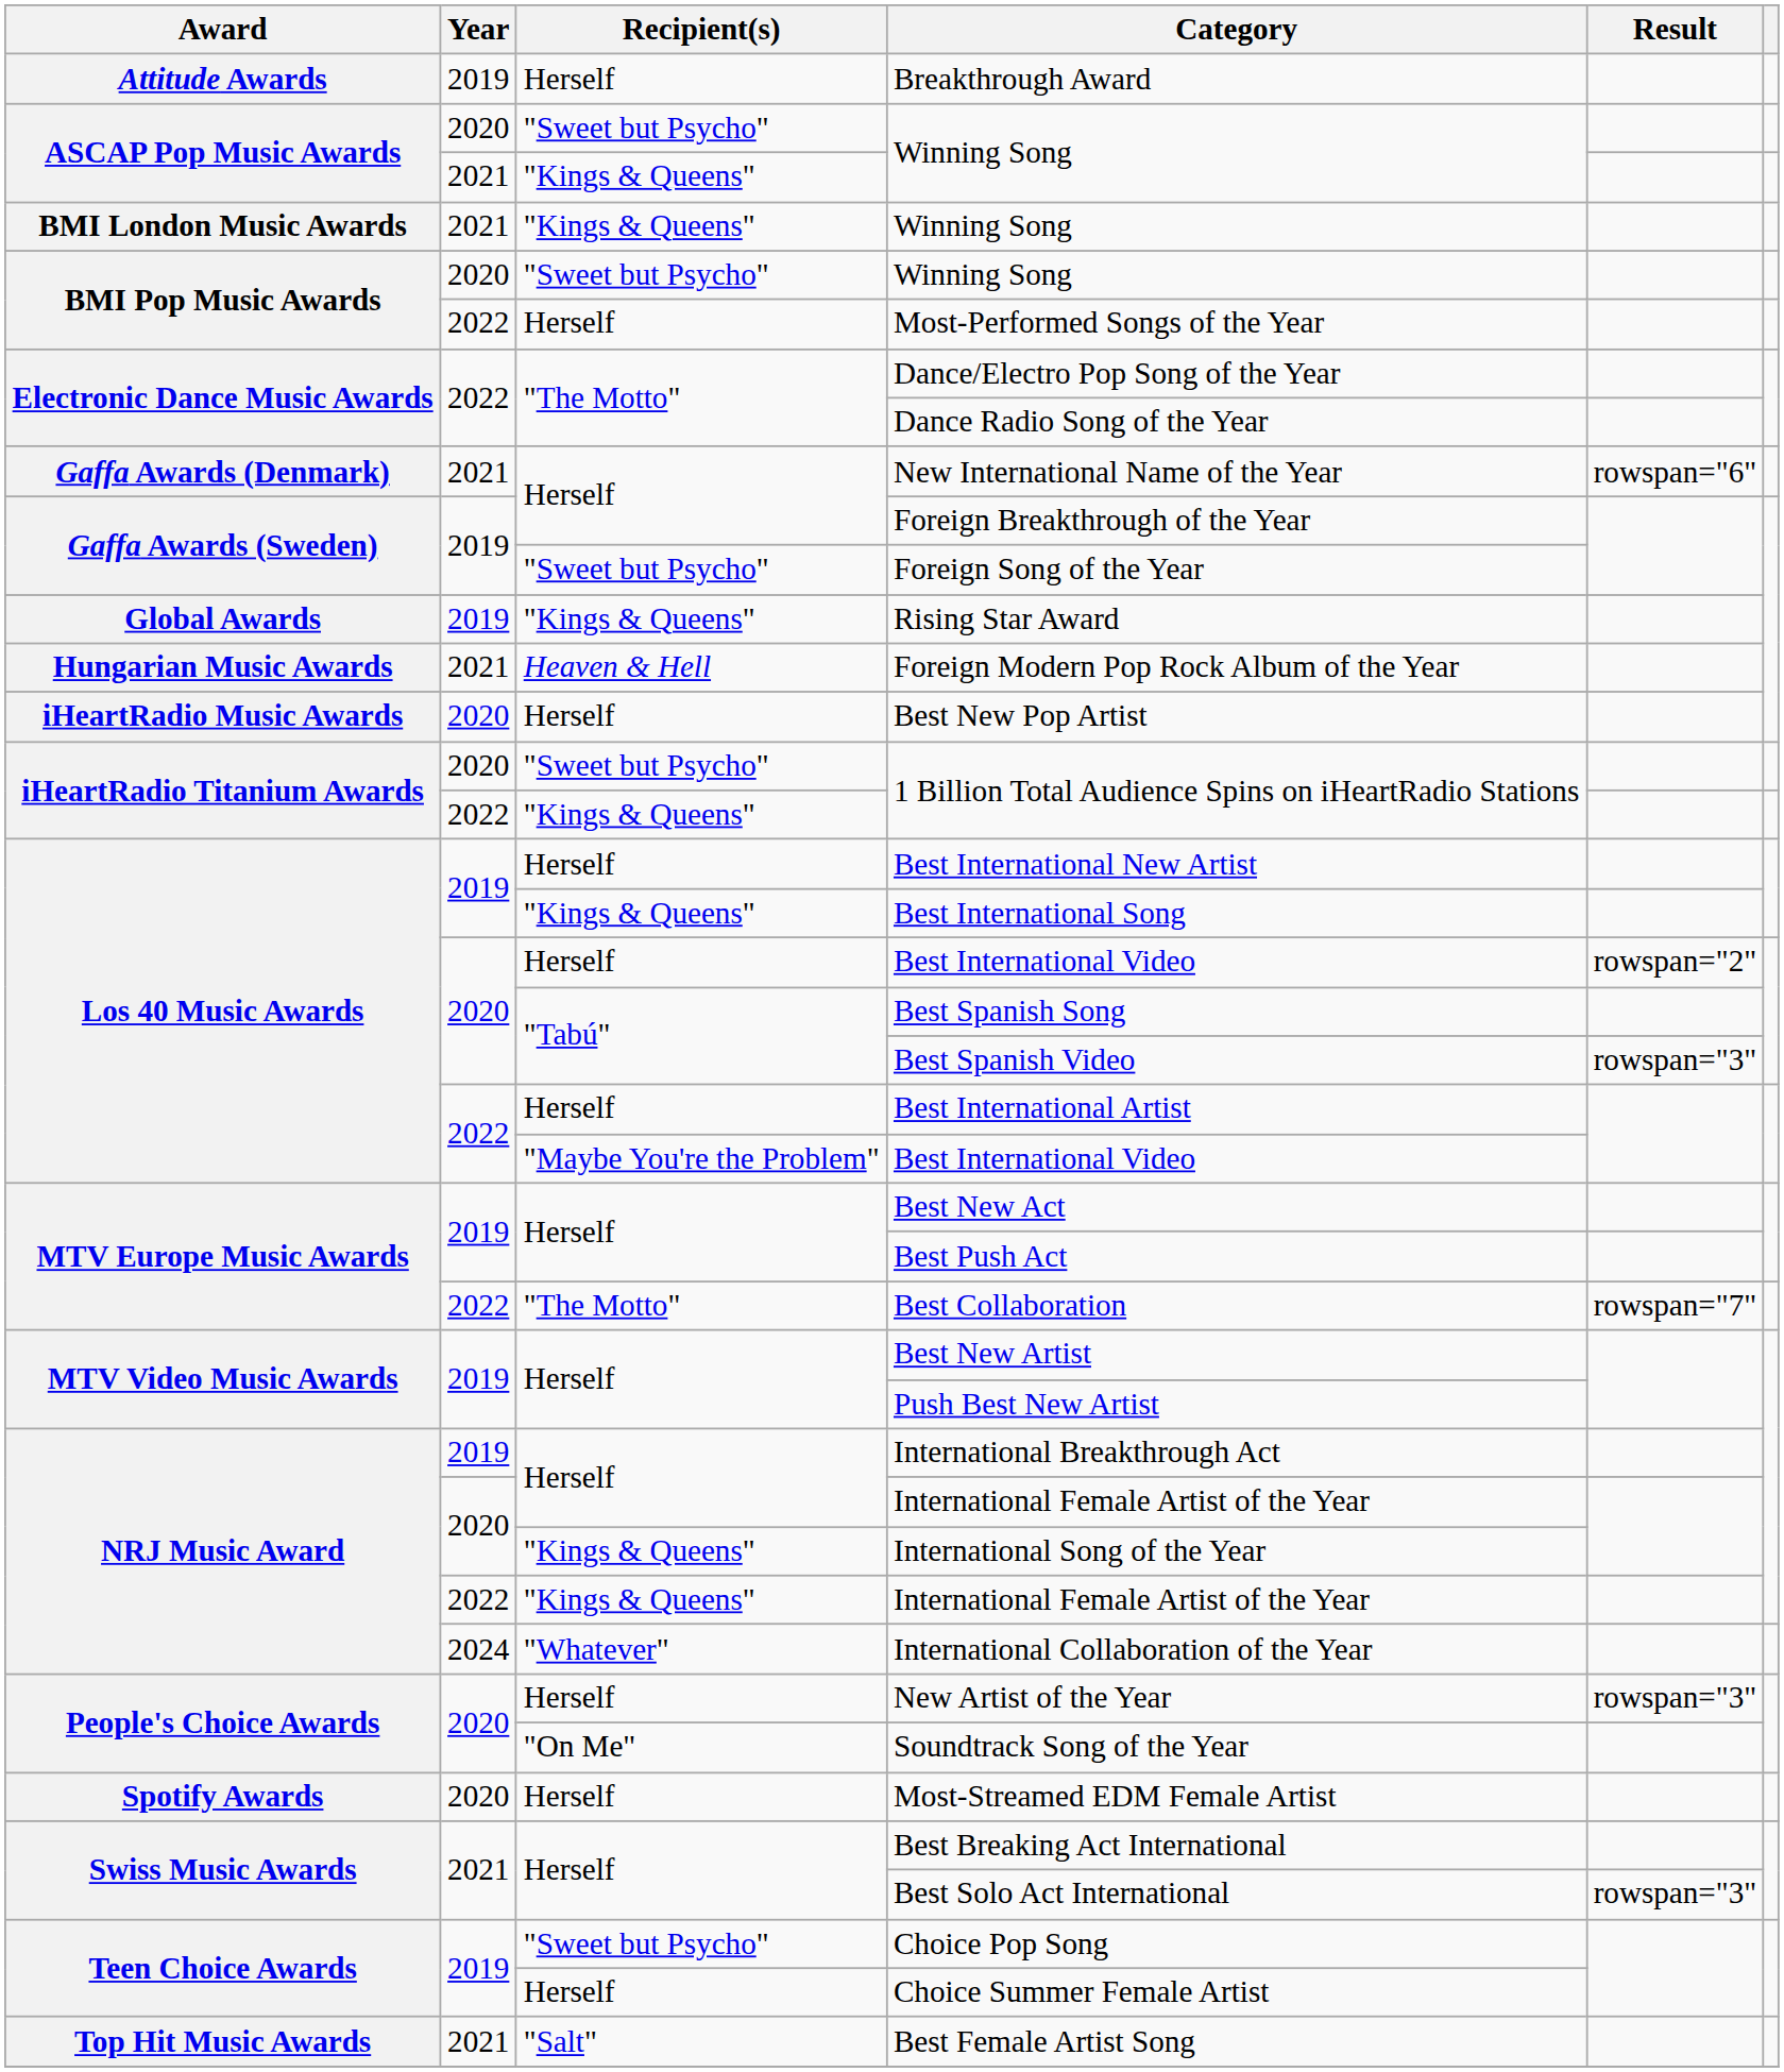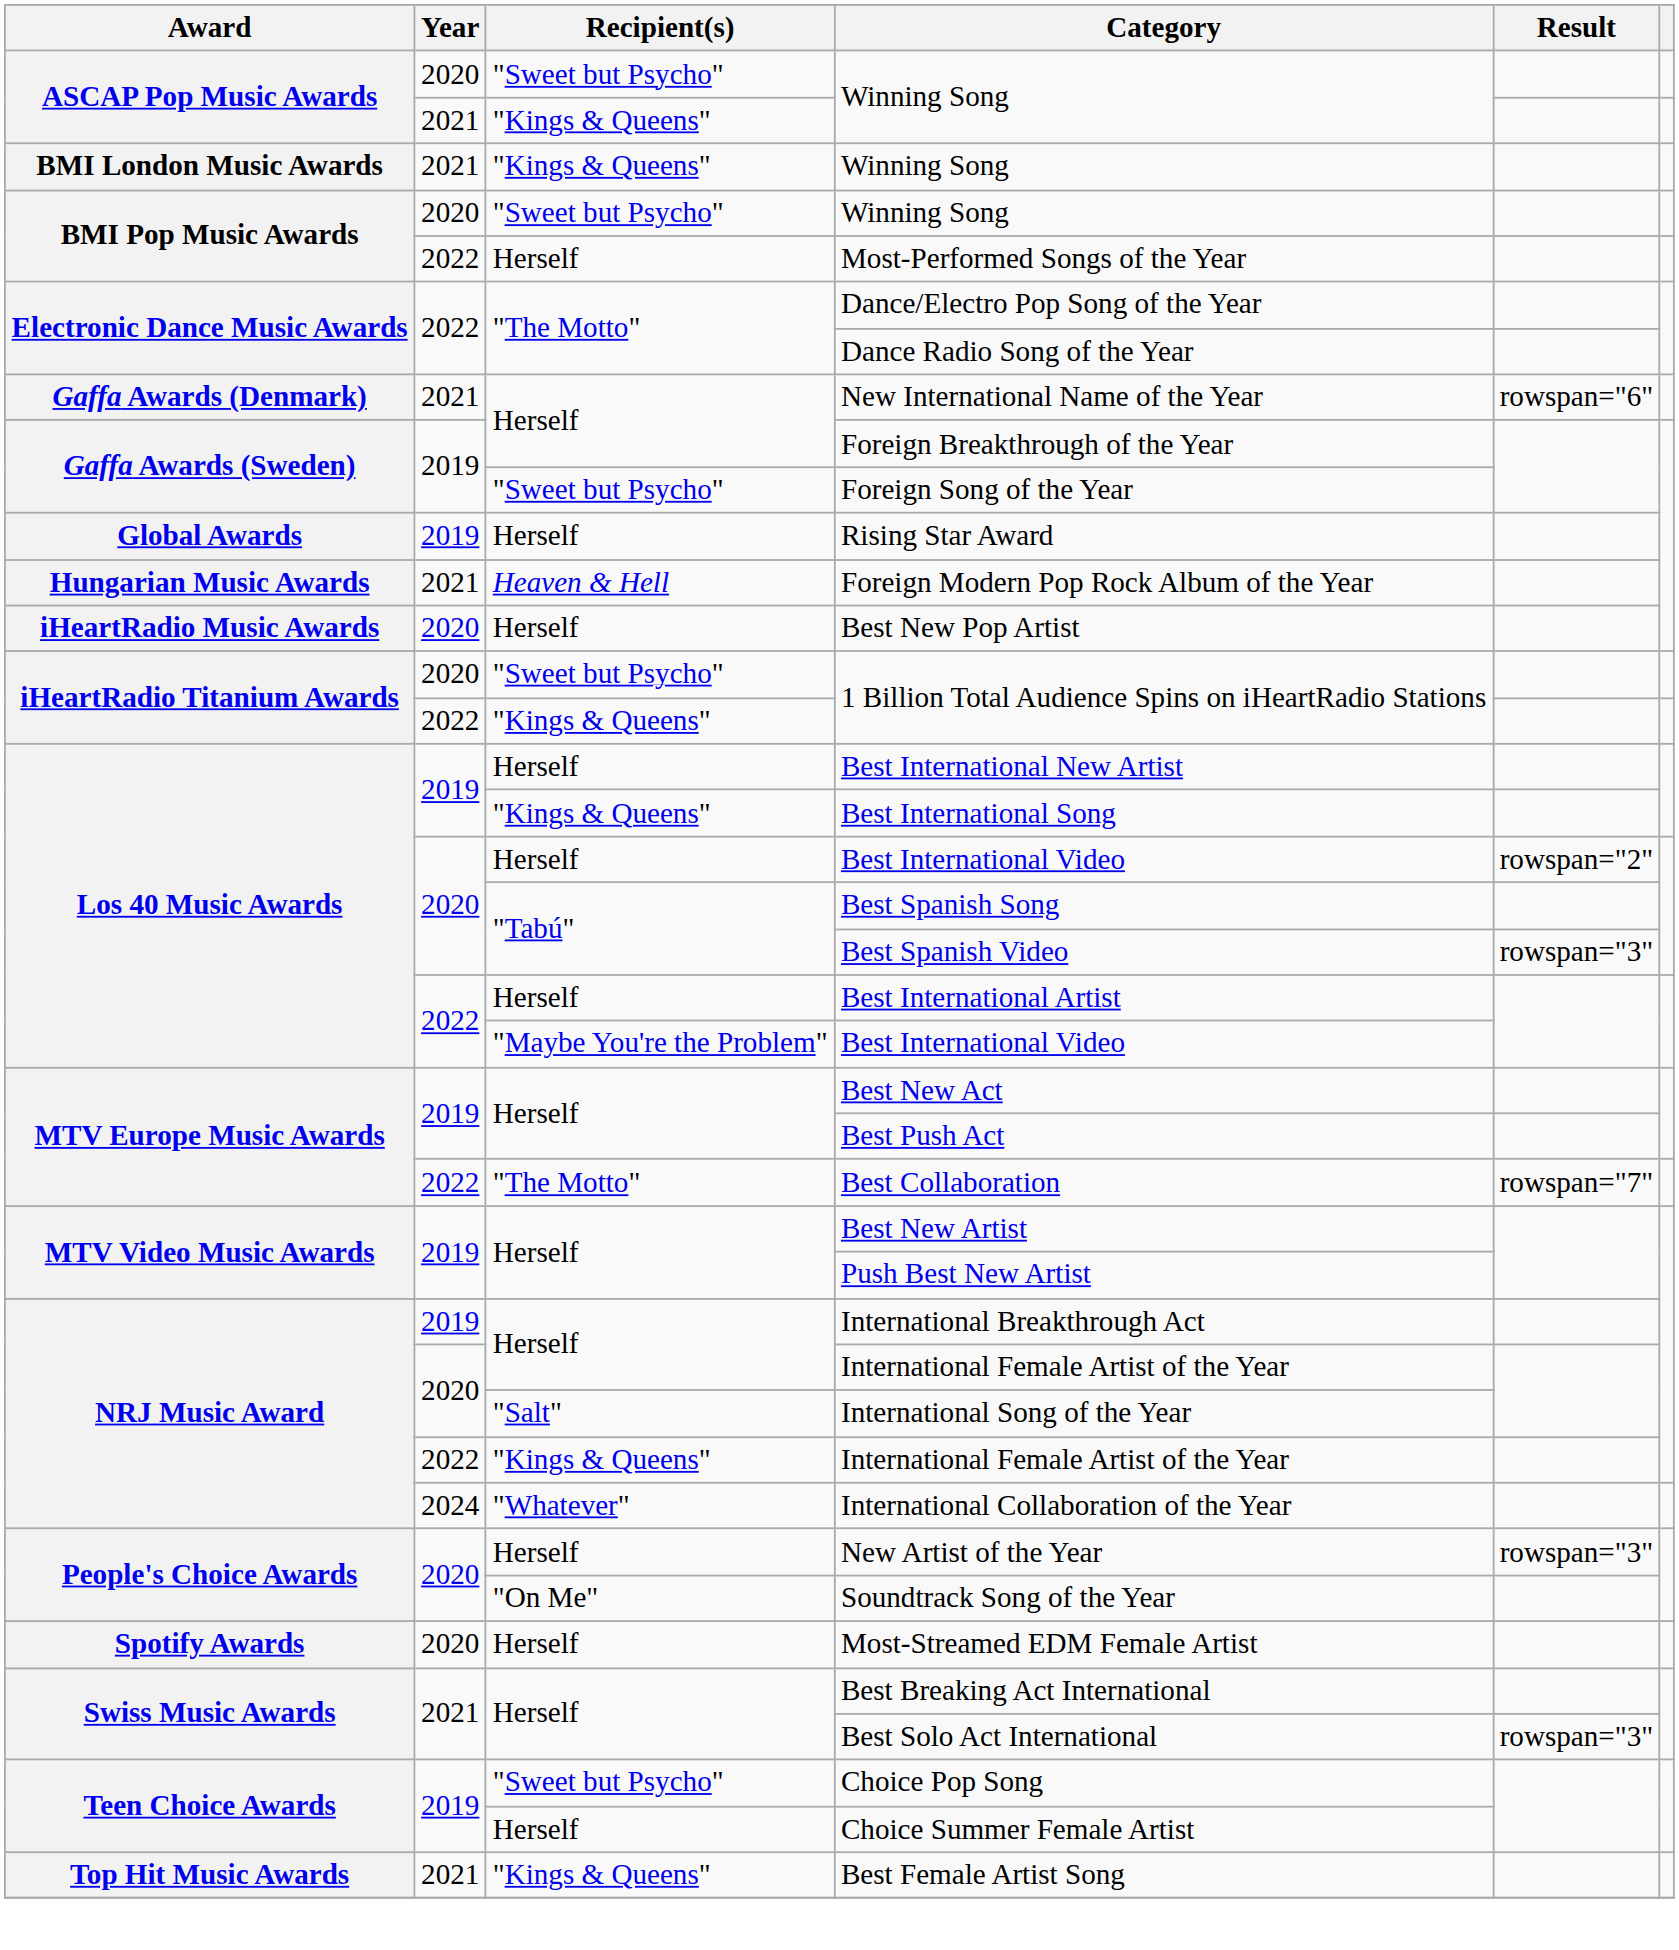 <table class="wikitable sortable plainrowheaders">
 <tr>
 <th scope="col">Award</th>
 <th scope="col">Year</th>
 <th scope="col">Recipient(s)</th>
 <th scope="col">Category</th>
 <th scope="col">Result</th>
 <th scope="col" class="unsortable"></th>
-</tr>
-<tr>
-<th scope="row"><a href='#'><em>Attitude</em> Awards</a></th>
-<td>2019</td>
-<td>Herself</td>
-<td>Breakthrough Award</td>
-<td></td>
-<td></td>
 </tr>
 <tr>
 <th scope="row" rowspan="2"><a href='#'>ASCAP Pop Music Awards</a></th>
 <td>2020</td>
 <td>"<a href='#'>Sweet but Psycho</a>"</td>
 <td rowspan="2">Winning Song</td>
 <td></td>
 <td></td>
 </tr>
 <tr>
 <td>2021</td>
 <td>"<a href='#'>Kings & Queens</a>"</td>
 <td></td>
 <td></td>
 </tr>
 <tr>
 <th scope="row">BMI London Music Awards</th>
 <td>2021</td>
 <td>"<a href='#'>Kings & Queens</a>"</td>
 <td>Winning Song</td>
 <td></td>
 <td></td>
 </tr>
 <tr>
 <th scope="row" rowspan="2">BMI Pop Music Awards</th>
 <td>2020</td>
 <td>"<a href='#'>Sweet but Psycho</a>"</td>
 <td>Winning Song</td>
 <td></td>
 <td></td>
 </tr>
 <tr>
 <td>2022</td>
 <td>Herself</td>
 <td>Most-Performed Songs of the Year</td>
 <td></td>
 <td></td>
 </tr>
 <tr>
 <th scope="row" rowspan="2"><a href='#'>Electronic Dance Music Awards</a></th>
 <td rowspan="2">2022</td>
 <td rowspan="2">"<a href='#'>The Motto</a>" </td>
 <td>Dance/Electro Pop Song of the Year</td>
 <td></td>
 <td rowspan="2"></td>
 </tr>
 <tr>
 <td Dance Radio Song of the Year>Dance Radio Song of the Year</td>
 <td></td>
 </tr>
 <tr>
 <th scope="row"><a href='#'><em>Gaffa</em> Awards (Denmark)</a></th>
 <td>2021</td>
 <td rowspan="2">Herself</td>
 <td>New International Name of the Year</td>
 <td>rowspan="6" </td>
 <td></td>
 </tr>
 <tr>
 <th scope="row" rowspan="2"><a href='#'><em>Gaffa</em> Awards (Sweden)</a></th>
 <td rowspan="2">2019</td>
 <td>Foreign Breakthrough of the Year</td>
 <td rowspan="2"></td>
 </tr>
 <tr>
 <td>"<a href='#'>Sweet but Psycho</a>"</td>
 <td>Foreign Song of the Year</td>
 </tr>
 <tr>
 <th scope="row"><a href='#'>Global Awards</a></th>
 <td><a href='#'>2019</a></td>
-<td>"<a href='#'>Kings & Queens</a>"</td>
+<td>Herself</td>
 <td>Rising Star Award</td>
 <td></td>
 </tr>
 <tr>
 <th scope="row"><a href='#'>Hungarian Music Awards</a></th>
 <td>2021</td>
 <td><em><a href='#'>Heaven & Hell</a></em></td>
 <td>Foreign Modern Pop Rock Album of the Year</td>
 <td></td>
 </tr>
 <tr>
 <th scope="row"><a href='#'>iHeartRadio Music Awards</a></th>
 <td><a href='#'>2020</a></td>
 <td>Herself</td>
 <td>Best New Pop Artist</td>
 <td></td>
 </tr>
 <tr>
 <th rowspan="2" scope="row"><a href='#'>iHeartRadio Titanium Awards</a></th>
 <td>2020</td>
 <td>"<a href='#'>Sweet but Psycho</a>"</td>
 <td rowspan="2">1 Billion Total Audience Spins on iHeartRadio Stations</td>
 <td></td>
 <td></td>
 </tr>
 <tr>
 <td>2022</td>
 <td>"<a href='#'>Kings & Queens</a>"</td>
 <td></td>
 <td></td>
 </tr>
 <tr>
 <th scope="row" rowspan="7"><a href='#'>Los 40 Music Awards</a></th>
 <td rowspan="2"><a href='#'>2019</a></td>
 <td>Herself</td>
 <td><a href='#'>Best International New Artist</a></td>
 <td></td>
 <td rowspan="2"></td>
 </tr>
 <tr>
 <td>"<a href='#'>Kings & Queens</a>"</td>
 <td><a href='#'>Best International Song</a></td>
 <td></td>
 </tr>
 <tr>
 <td rowspan="3"><a href='#'>2020</a></td>
 <td>Herself</td>
 <td><a href='#'>Best International Video</a></td>
 <td>rowspan="2" </td>
 <td rowspan="3"></td>
 </tr>
 <tr>
 <td rowspan="2">"<a href='#'>Tabú</a>" </td>
 <td><a href='#'>Best Spanish Song</a></td>
 </tr>
 <tr>
 <td><a href='#'>Best Spanish Video</a></td>
 <td>rowspan="3" </td>
 </tr>
 <tr>
 <td rowspan="2"><a href='#'>2022</a></td>
 <td>Herself</td>
 <td><a href='#'>Best International Artist</a></td>
 <td rowspan="2"></td>
 </tr>
 <tr>
 <td>"<a href='#'>Maybe You're the Problem</a>"</td>
 <td><a href='#'>Best International Video</a></td>
 </tr>
 <tr>
 <th scope="row" rowspan="3"><a href='#'>MTV Europe Music Awards</a></th>
 <td rowspan="2"><a href='#'>2019</a></td>
 <td rowspan="2">Herself</td>
 <td><a href='#'>Best New Act</a></td>
 <td></td>
 <td rowspan="2"></td>
 </tr>
 <tr>
 <td><a href='#'>Best Push Act</a></td>
 <td></td>
 </tr>
 <tr>
 <td><a href='#'>2022</a></td>
 <td>"<a href='#'>The Motto</a>" </td>
 <td><a href='#'>Best Collaboration</a></td>
 <td>rowspan="7" </td>
 <td></td>
 </tr>
 <tr>
 <th scope="row" rowspan="2"><a href='#'>MTV Video Music Awards</a></th>
 <td rowspan="2"><a href='#'>2019</a></td>
 <td rowspan="2">Herself</td>
 <td><a href='#'>Best New Artist</a></td>
 <td rowspan="2"></td>
 </tr>
 <tr>
 <td><a href='#'>Push Best New Artist</a></td>
 </tr>
 <tr>
 <th rowspan="5" scope="row"><a href='#'>NRJ Music Award</a></th>
 <td><a href='#'>2019</a></td>
 <td rowspan="2">Herself</td>
 <td>International Breakthrough Act</td>
 <td></td>
 </tr>
 <tr>
 <td rowspan="2">2020</td>
 <td>International Female Artist of the Year</td>
 <td rowspan="2"></td>
 </tr>
 <tr>
-<td>"<a href='#'>Kings & Queens</a>"</td>
+<td>"<a href='#'>Salt</a>"</td>
 <td>International Song of the Year</td>
 </tr>
 <tr>
 <td>2022</td>
 <td>"<a href='#'>Kings & Queens</a>"</td>
 <td>International Female Artist of the Year</td>
 <td></td>
 </tr>
 <tr>
 <td>2024</td>
 <td>"<a href='#'>Whatever</a>"</td>
 <td>International Collaboration of the Year</td>
 <td></td>
 <td></td>
 </tr>
 <tr>
 <th rowspan="2" scope="row"><a href='#'>People's Choice Awards</a></th>
 <td rowspan="2"><a href='#'>2020</a></td>
 <td>Herself</td>
 <td>New Artist of the Year</td>
 <td>rowspan="3" </td>
 <td rowspan="2"></td>
 </tr>
 <tr>
 <td>"On Me" </td>
 <td>Soundtrack Song of the Year</td>
 </tr>
 <tr>
 <th scope="row"><a href='#'>Spotify Awards</a></th>
 <td>2020</td>
 <td>Herself</td>
 <td>Most-Streamed EDM Female Artist</td>
 <td></td>
 </tr>
 <tr>
 <th rowspan="2" scope="row"><a href='#'>Swiss Music Awards</a></th>
 <td rowspan="2">2021</td>
 <td rowspan="2">Herself</td>
 <td>Best Breaking Act International</td>
 <td></td>
 <td rowspan="2"></td>
 </tr>
 <tr>
 <td>Best Solo Act International</td>
 <td>rowspan="3" </td>
 </tr>
 <tr>
 <th scope="row" rowspan="2"><a href='#'>Teen Choice Awards</a></th>
 <td rowspan="2"><a href='#'>2019</a></td>
 <td>"<a href='#'>Sweet but Psycho</a>"</td>
 <td>Choice Pop Song</td>
 <td rowspan="2"></td>
 </tr>
 <tr>
 <td>Herself</td>
 <td>Choice Summer Female Artist</td>
 </tr>
 <tr>
 <th scope="row"><a href='#'>Top Hit Music Awards</a></th>
 <td>2021</td>
-<td>"<a href='#'>Salt</a>"</td>
+<td>"<a href='#'>Kings & Queens</a>"</td>
 <td>Best Female Artist Song</td>
 <td></td>
 <td></td>
 </tr>
 <tr>
 </tr>
 </table>
